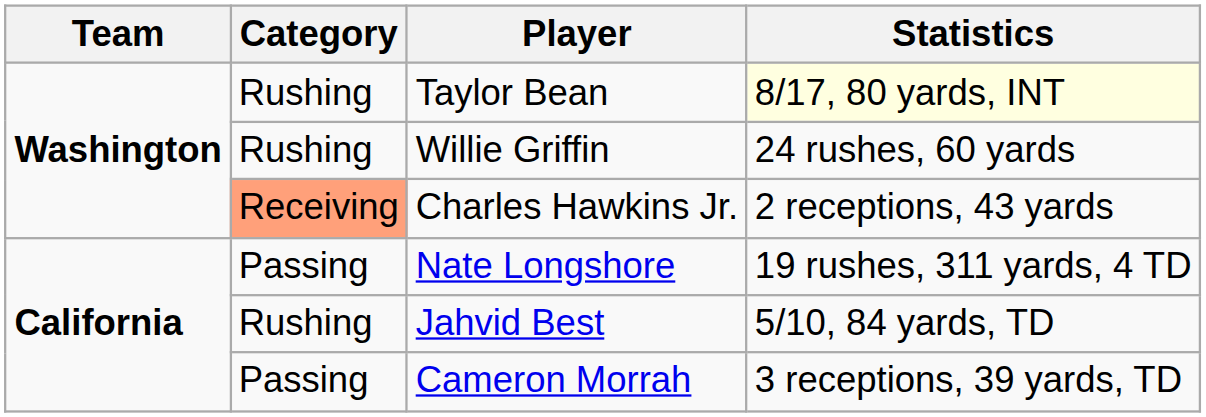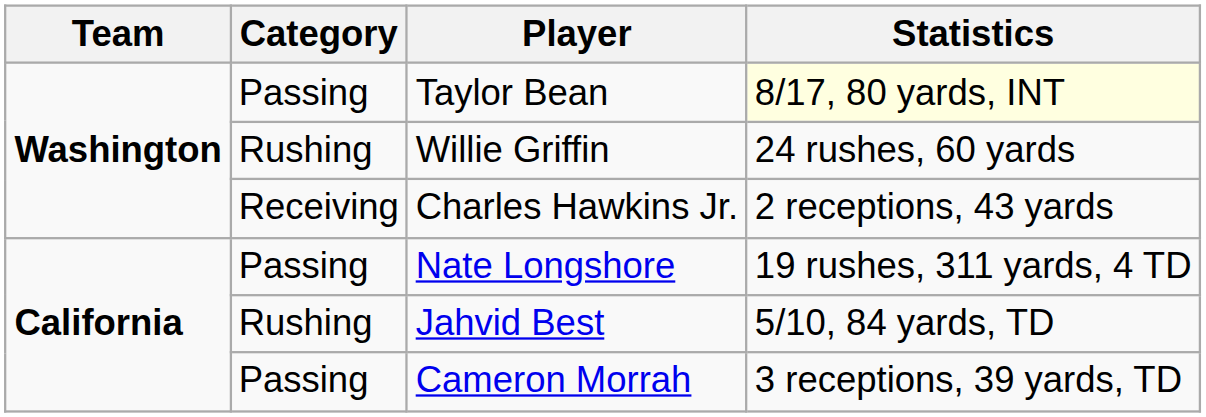 <table class="wikitable" style="float: right;">
 <tr>
 <th>Team</th>
 <th>Category</th>
 <th>Player</th>
 <th>Statistics</th>
 </tr>
 <tr>
 <td rowspan=3><strong>Washington</strong></td>
-<td>Rushing</td>
+<td>Passing</td>
 <td>Taylor Bean</td>
 <td style="background: lightyellow;">8/17, 80 yards, INT</td>
 </tr>
 <tr>
 <td>Rushing</td>
 <td>Willie Griffin</td>
 <td>24 rushes, 60 yards</td>
 </tr>
 <tr>
-<td style="background: lightsalmon;">Receiving</td>
+<td>Receiving</td>
 <td>Charles Hawkins Jr.</td>
 <td>2 receptions, 43 yards</td>
 </tr>
 <tr>
 <td rowspan=3><strong>California</strong></td>
 <td>Passing</td>
 <td><a href='#'>Nate Longshore</a></td>
 <td>19 rushes, 311 yards, 4 TD</td>
 </tr>
 <tr>
 <td>Rushing</td>
 <td><a href='#'>Jahvid Best</a></td>
 <td>5/10, 84 yards, TD</td>
 </tr>
 <tr>
 <td>Passing</td>
 <td><a href='#'>Cameron Morrah</a></td>
 <td>3 receptions, 39 yards, TD</td>
 </tr>
 </table>
